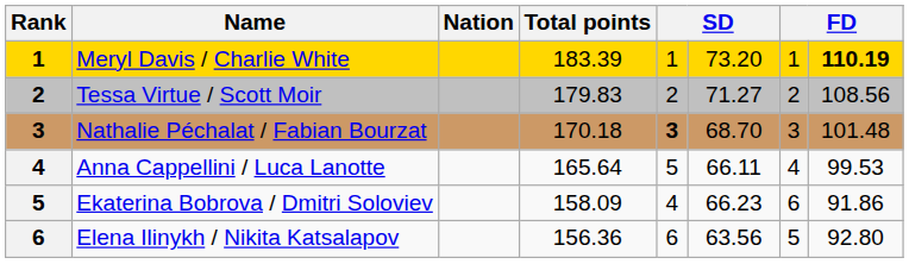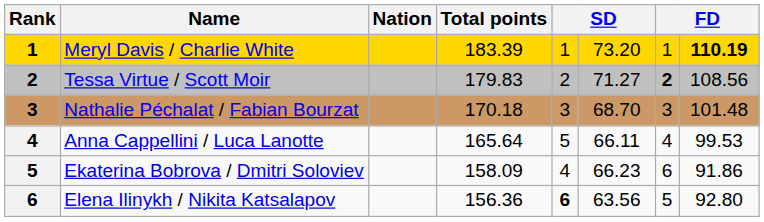 <table class="wikitable sortable">
 <tr>
 <th>Rank</th>
 <th>Name</th>
 <th>Nation</th>
 <th>Total points</th>
 <th colspan="2" width="80px"><a href='#'>SD</a></th>
 <th colspan="2" width="80px"><a href='#'>FD</a></th>
 </tr>
 <tr bgcolor="gold">
 <td align="center"><strong>1</strong></td>
 <td><a href='#'>Meryl Davis</a> / <a href='#'>Charlie White</a></td>
 <td></td>
 <td align="center">183.39</td>
 <td align="center">1</td>
 <td align="center">73.20</td>
 <td align="center">1</td>
 <td align="center"><strong>110.19</strong></td>
 </tr>
 <tr bgcolor="silver">
 <td align="center"><strong>2</strong></td>
 <td><a href='#'>Tessa Virtue</a> / <a href='#'>Scott Moir</a></td>
 <td></td>
 <td align="center">179.83</td>
 <td align="center">2</td>
 <td align="center">71.27</td>
-<td align="center">2</td>
+<td align="center"><strong>2</strong></td>
 <td align="center">108.56</td>
 </tr>
 <tr bgcolor="cc9966">
 <td align="center"><strong>3</strong></td>
 <td><a href='#'>Nathalie Péchalat</a> / <a href='#'>Fabian Bourzat</a></td>
 <td></td>
 <td align="center">170.18</td>
-<td align="center"><strong>3</strong></td>
+<td align="center">3</td>
 <td align="center">68.70</td>
 <td align="center">3</td>
 <td align="center">101.48</td>
 </tr>
 <tr>
 <th>4</th>
 <td><a href='#'>Anna Cappellini</a> / <a href='#'>Luca Lanotte</a></td>
 <td></td>
 <td align="center">165.64</td>
 <td align="center">5</td>
 <td align="center">66.11</td>
 <td align="center">4</td>
 <td align="center">99.53</td>
 </tr>
 <tr>
 <th>5</th>
 <td><a href='#'>Ekaterina Bobrova</a> / <a href='#'>Dmitri Soloviev</a></td>
 <td></td>
 <td align="center">158.09</td>
 <td align="center">4</td>
 <td align="center">66.23</td>
 <td align="center">6</td>
 <td align="center">91.86</td>
 </tr>
 <tr>
 <th>6</th>
 <td><a href='#'>Elena Ilinykh</a> / <a href='#'>Nikita Katsalapov</a></td>
 <td></td>
 <td align="center">156.36</td>
-<td align="center">6</td>
+<td align="center"><strong>6</strong></td>
 <td align="center">63.56</td>
 <td align="center">5</td>
 <td align="center">92.80</td>
 </tr>
 </table>
